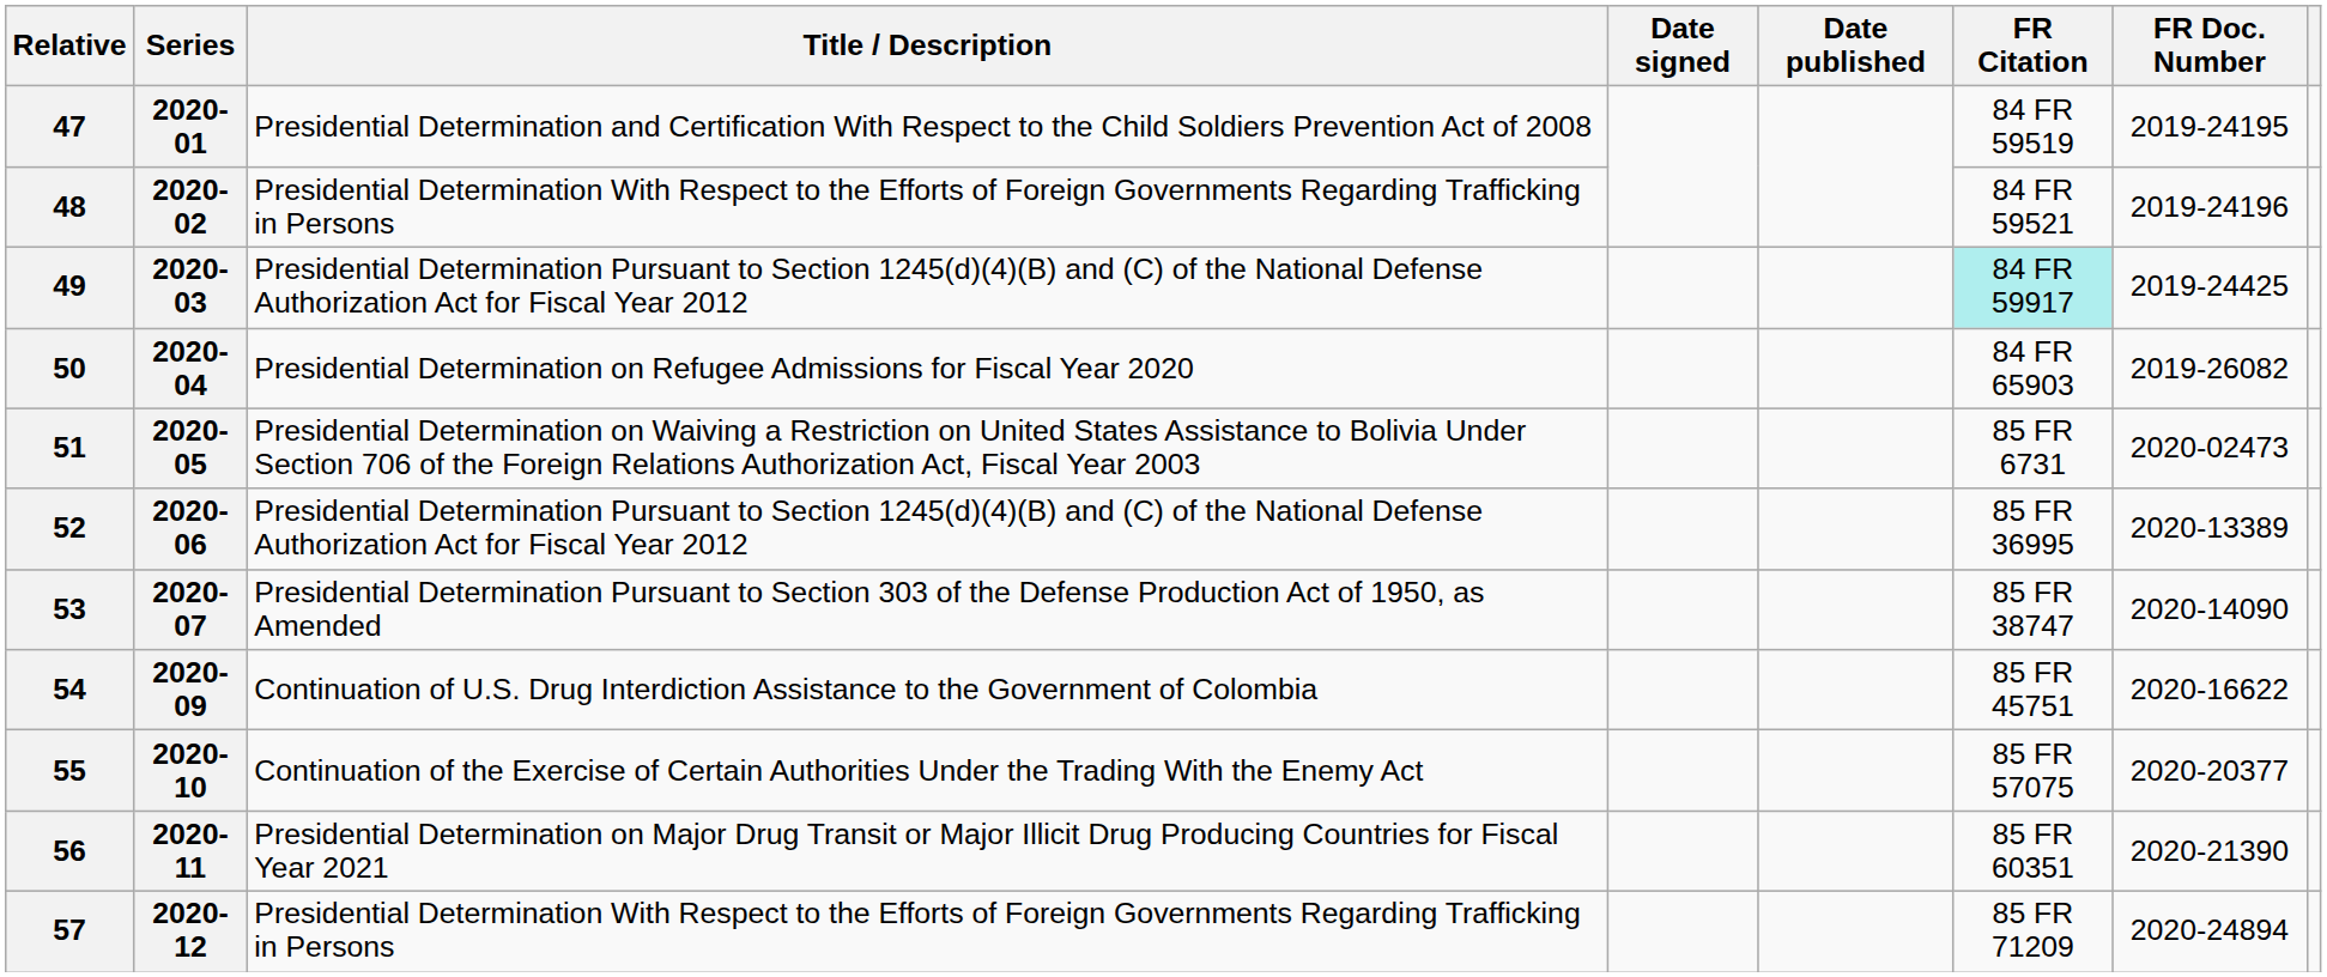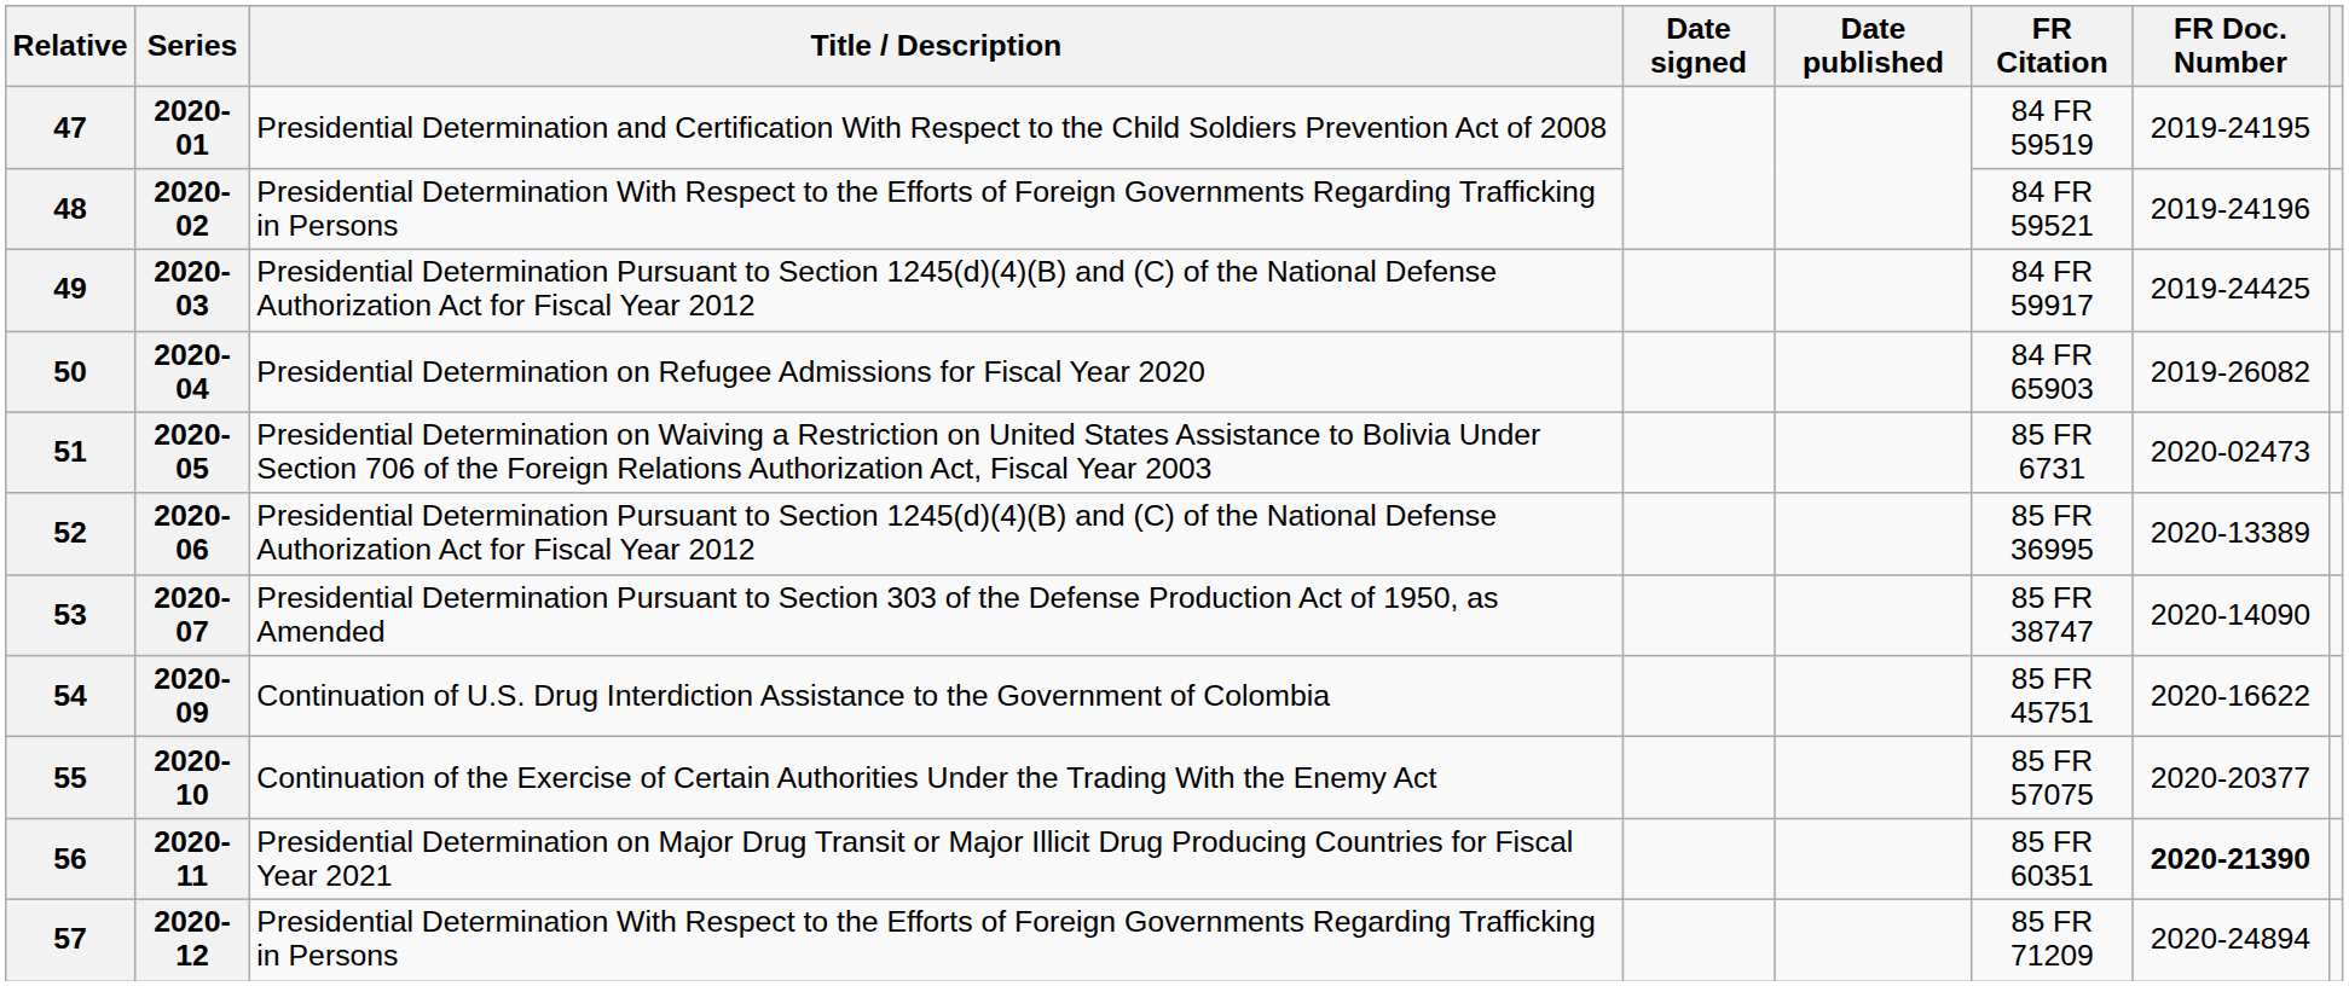 <table class="wikitable sortable">
 <tr>
 <th>Relative </th>
 <th>Series </th>
 <th>Title / Description</th>
 <th>Date signed</th>
 <th>Date published</th>
 <th>FR Citation</th>
 <th>FR Doc. Number</th>
 <th class="unsortable"></th>
 </tr>
 <tr style="text-align:center">
 <th>47</th>
 <th>2020-01</th>
 <td style="text-align:left">Presidential Determination and Certification With Respect to the Child Soldiers Prevention Act of 2008</td>
 <td rowspan = "2"></td>
 <td rowspan = "2"></td>
 <td>84 FR 59519</td>
 <td>2019-24195</td>
 <td></td>
 </tr>
 <tr style="text-align:center">
 <th>48</th>
 <th>2020-02</th>
 <td style="text-align:left">Presidential Determination With Respect to the Efforts of Foreign Governments Regarding Trafficking in Persons</td>
 <td>84 FR 59521</td>
 <td>2019-24196</td>
 <td></td>
 </tr>
 <tr style="text-align:center">
 <th>49</th>
 <th>2020-03</th>
 <td style="text-align:left">Presidential Determination Pursuant to Section 1245(d)(4)(B) and (C) of the National Defense Authorization Act for Fiscal Year 2012</td>
 <td></td>
 <td></td>
-<td style="background: paleturquoise;">84 FR 59917</td>
+<td>84 FR 59917</td>
 <td>2019-24425</td>
 <td></td>
 </tr>
 <tr style="text-align:center">
 <th>50</th>
 <th>2020-04</th>
 <td style="text-align:left">Presidential Determination on Refugee Admissions for Fiscal Year 2020</td>
 <td></td>
 <td></td>
 <td>84 FR 65903</td>
 <td>2019-26082</td>
 <td></td>
 </tr>
 <tr style="text-align:center">
 <th>51</th>
 <th>2020-05</th>
 <td style="text-align:left">Presidential Determination on Waiving a Restriction on United States Assistance to Bolivia Under Section 706 of the Foreign Relations Authorization Act, Fiscal Year 2003</td>
 <td></td>
 <td></td>
 <td>85 FR 6731</td>
 <td>2020-02473</td>
 <td></td>
 </tr>
 <tr style="text-align:center">
 <th>52</th>
 <th>2020-06</th>
 <td style="text-align:left">Presidential Determination Pursuant to Section 1245(d)(4)(B) and (C) of the National Defense Authorization Act for Fiscal Year 2012</td>
 <td></td>
 <td></td>
 <td>85 FR 36995</td>
 <td>2020-13389</td>
 <td></td>
 </tr>
 <tr style="text-align:center">
 <th>53</th>
 <th>2020-07</th>
 <td style="text-align:left">Presidential Determination Pursuant to Section 303 of the Defense Production Act of 1950, as Amended</td>
 <td></td>
 <td></td>
 <td>85 FR 38747</td>
 <td>2020-14090</td>
 <td></td>
 </tr>
 <tr style="text-align:center">
 <th>54</th>
 <th>2020-09</th>
 <td style="text-align:left">Continuation of U.S. Drug Interdiction Assistance to the Government of Colombia</td>
 <td></td>
 <td></td>
 <td>85 FR 45751</td>
 <td>2020-16622</td>
 <td></td>
 </tr>
 <tr style="text-align:center">
 <th>55</th>
 <th>2020-10</th>
 <td style="text-align:left">Continuation of the Exercise of Certain Authorities Under the Trading With the Enemy Act</td>
 <td></td>
 <td></td>
 <td>85 FR 57075</td>
 <td>2020-20377</td>
 <td></td>
 </tr>
 <tr style="text-align:center">
 <th>56</th>
 <th>2020-11</th>
 <td style="text-align:left">Presidential Determination on Major Drug Transit or Major Illicit Drug Producing Countries for Fiscal Year 2021</td>
 <td></td>
 <td></td>
 <td>85 FR 60351</td>
-<td>2020-21390</td>
+<td><strong>2020-21390</strong></td>
 <td></td>
 </tr>
 <tr style="text-align:center">
 <th>57</th>
 <th>2020-12</th>
 <td style="text-align:left">Presidential Determination With Respect to the Efforts of Foreign Governments Regarding Trafficking in Persons</td>
 <td></td>
 <td></td>
 <td>85 FR 71209</td>
 <td>2020-24894</td>
 <td></td>
 </tr>
 </table>
